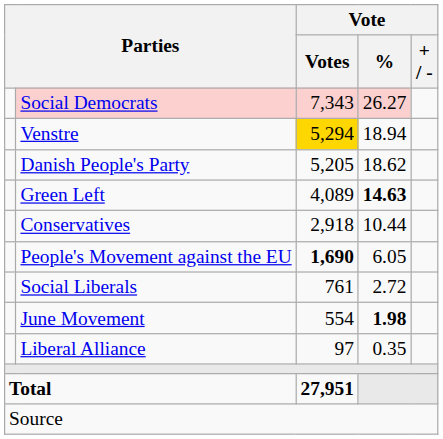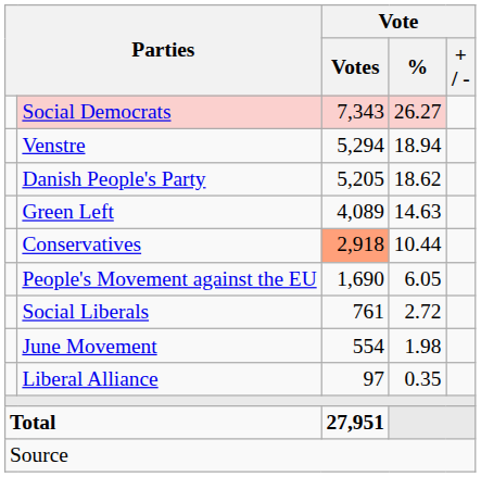 <table class="wikitable" style="text-align:right;">
 <tr>
 <th style="text-align:centre;" rowspan="2" colspan="2" width="225">Parties</th>
 <th colspan="3">Vote</th>
 </tr>
 <tr>
 <th width="15">Votes</th>
 <th width="15">%</th>
 <th width="15">+ / -</th>
 </tr>
 <tr>
 <td width="2" style="color:inherit;background:"></td>
 <td bgcolor=#fbd0ce   align="left"><a href='#'>Social Democrats</a></td>
 <td bgcolor=#fbd0ce>7,343</td>
 <td bgcolor=#fbd0ce>26.27</td>
 <td></td>
 </tr>
 <tr>
 <td width="2" style="color:inherit;background:"></td>
 <td align="left"><a href='#'>Venstre</a></td>
-<td style="background: gold;">5,294</td>
+<td>5,294</td>
 <td>18.94</td>
 <td></td>
 </tr>
 <tr>
 <td width="2" style="color:inherit;background:"></td>
 <td align="left"><a href='#'>Danish People's Party</a></td>
 <td>5,205</td>
 <td>18.62</td>
 <td></td>
 </tr>
 <tr>
 <td width="2" style="color:inherit;background:"></td>
 <td align="left"><a href='#'>Green Left</a></td>
 <td>4,089</td>
-<td><strong>14.63</strong></td>
+<td>14.63</td>
 <td></td>
 </tr>
 <tr>
 <td width="2" style="color:inherit;background:"></td>
 <td align="left"><a href='#'>Conservatives</a></td>
-<td>2,918</td>
+<td style="background: lightsalmon;">2,918</td>
 <td>10.44</td>
 <td></td>
 </tr>
 <tr>
 <td width="2" style="color:inherit;background:"></td>
 <td align="left"><a href='#'>People's Movement against the EU</a></td>
-<td><strong>1,690</strong></td>
+<td>1,690</td>
 <td>6.05</td>
 <td></td>
 </tr>
 <tr>
 <td width="2" style="color:inherit;background:"></td>
 <td align="left"><a href='#'>Social Liberals</a></td>
 <td>761</td>
 <td>2.72</td>
 <td></td>
 </tr>
 <tr>
 <td width="2" style="color:inherit;background:"></td>
 <td align="left"><a href='#'>June Movement</a></td>
 <td>554</td>
-<td><strong>1.98</strong></td>
+<td>1.98</td>
 <td></td>
 </tr>
 <tr>
 <td width="2" style="color:inherit;background:"></td>
 <td align="left"><a href='#'>Liberal Alliance</a></td>
 <td>97</td>
 <td>0.35</td>
 <td></td>
 </tr>
 <tr>
 <td colspan="7" bgcolor="#E9E9E9"></td>
 </tr>
 <tr>
 <td align="left" colspan="2"><strong>Total</strong></td>
 <td><strong>27,951</strong></td>
 <td bgcolor="#E9E9E9" colspan="2"></td>
 </tr>
 <tr>
 <td align="left" colspan="6">Source</td>
 </tr>
 </table>
